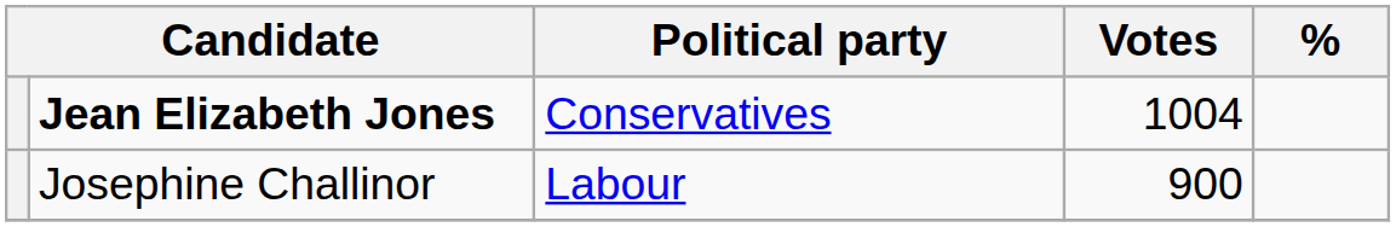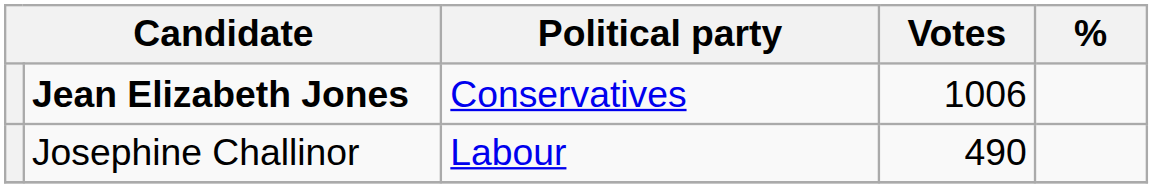 <table class="wikitable">
 <tr>
 <th valign=top colspan="2" style="width: 180px">Candidate</th>
 <th valign=top style="width: 180px">Political party</th>
 <th valign=top style="width: 60px">Votes</th>
 <th valign=top style="width: 40px">%</th>
 </tr>
 <tr>
 <th style="background-color: "></th>
 <td><strong>Jean Elizabeth Jones</strong></td>
 <td><a href='#'>Conservatives</a></td>
-<td align="right">1004</td>
+<td align="right">1006</td>
 <td align="right"></td>
 </tr>
 <tr>
 <th style="background-color: "></th>
 <td>Josephine Challinor</td>
 <td><a href='#'>Labour</a></td>
-<td align="right">900</td>
+<td align="right">490</td>
 <td align="right"></td>
 </tr>
 <tr>
 </tr>
 </table>
